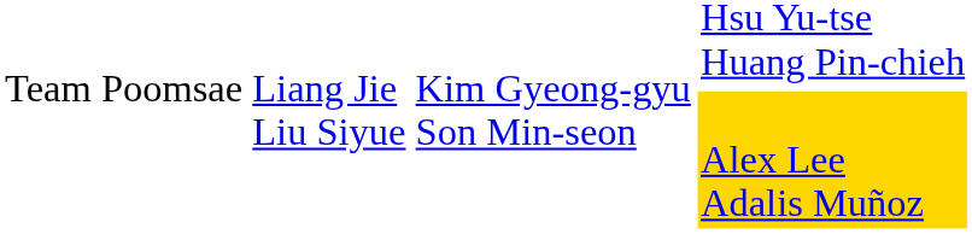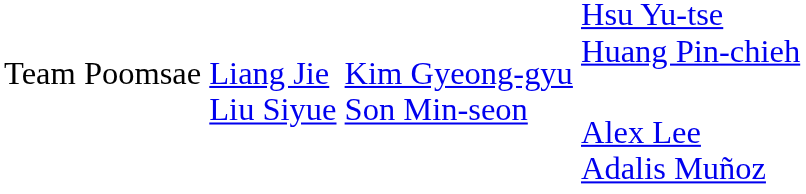 <table>
 <tr>
 <td rowspan=2>Team Poomsae<br></td>
 <td rowspan=2><br><a href='#'>Liang Jie</a><br><a href='#'>Liu Siyue</a></td>
 <td rowspan=2><br><a href='#'>Kim Gyeong-gyu</a><br><a href='#'>Son Min-seon</a></td>
 <td><br><a href='#'>Hsu Yu-tse</a><br><a href='#'>Huang Pin-chieh</a></td>
 </tr>
 <tr>
-<td style="background: gold;"><br><a href='#'>Alex Lee</a><br><a href='#'>Adalis Muñoz</a></td>
+<td><br><a href='#'>Alex Lee</a><br><a href='#'>Adalis Muñoz</a></td>
 </tr>
 </table>
